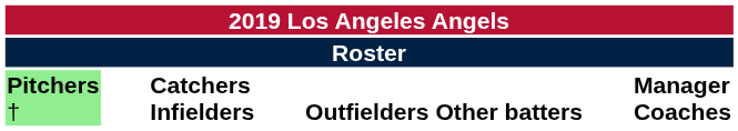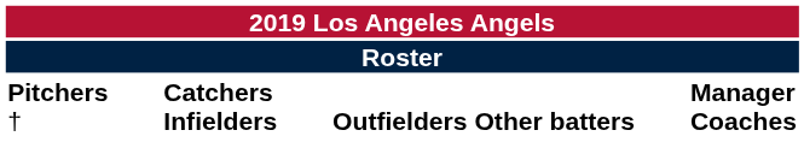 <table class="toccolours" style="font-size: 95%;">
 <tr>
 <th colspan="10" style="background-color: #B71234; color: white; text-align: center;">2019 Los Angeles Angels</th>
 </tr>
 <tr>
 <td colspan="10" style="background-color:#002244; color: white; text-align: center;"><strong>Roster</strong></td>
 </tr>
 <tr>
-<td valign="top" style="background: lightgreen;"><strong>Pitchers</strong><br>                           †   </td>
+<td valign="top"><strong>Pitchers</strong><br>                           †   </td>
 <td width="25px"></td>
 <td valign="top"><strong>Catchers</strong><br>     <strong>Infielders</strong>            </td>
 <td width="25px"></td>
 <td valign="top"><br><strong>Outfielders</strong>          <strong>Other batters</strong> </td>
 <td width="25px"></td>
 <td valign="top"><strong>Manager</strong><br> <strong>Coaches</strong>                        </td>
 </tr>
 </table>
